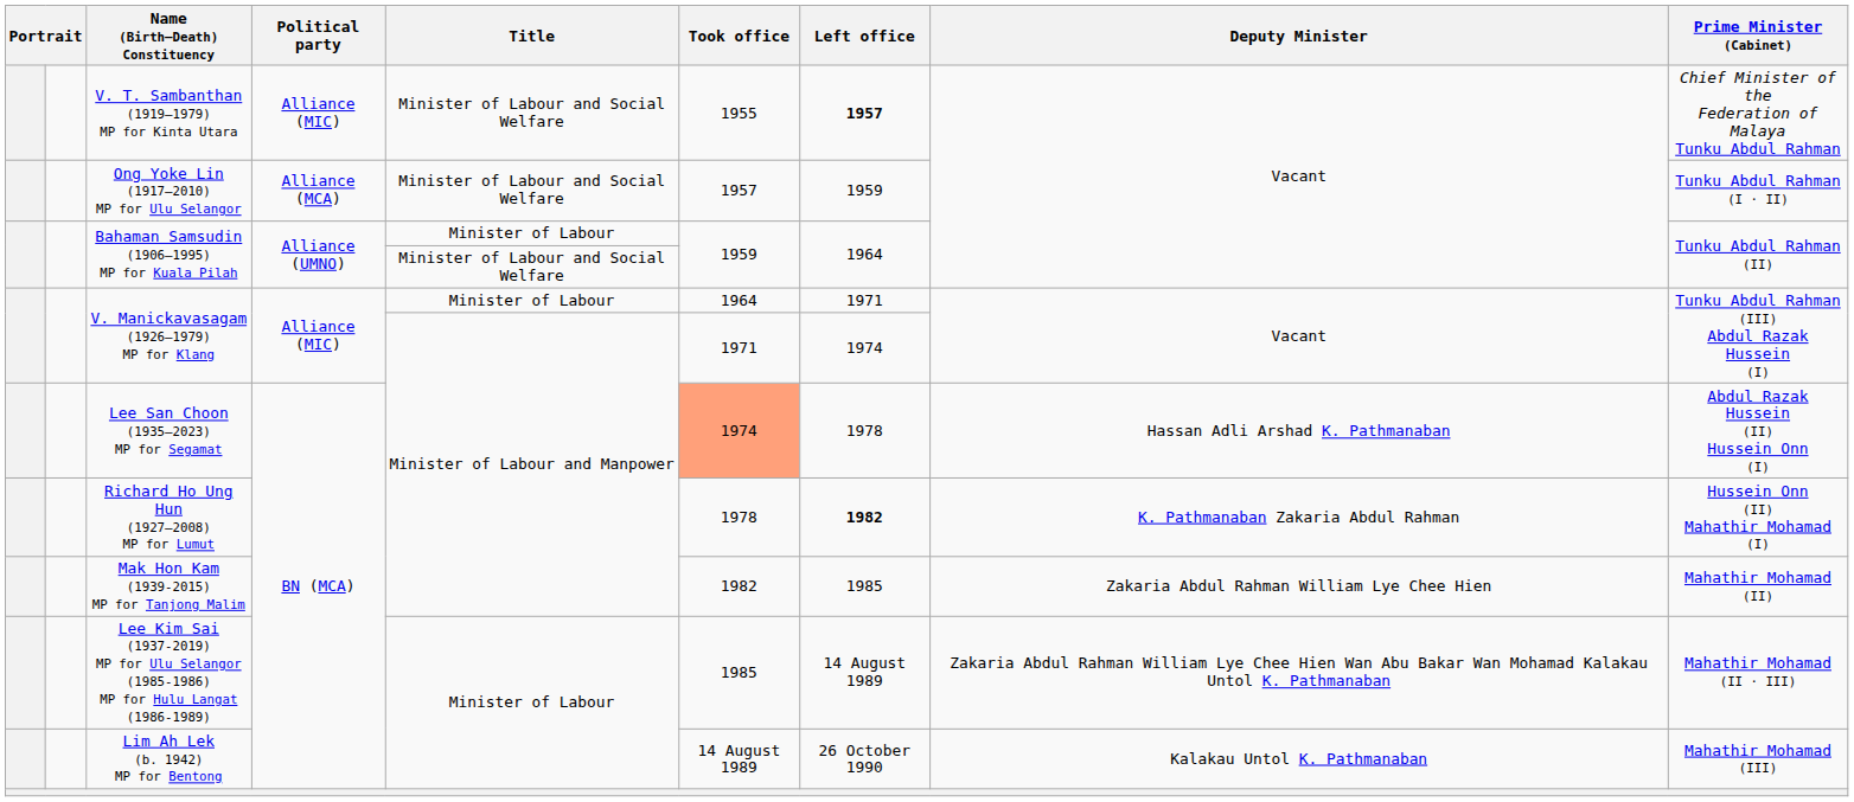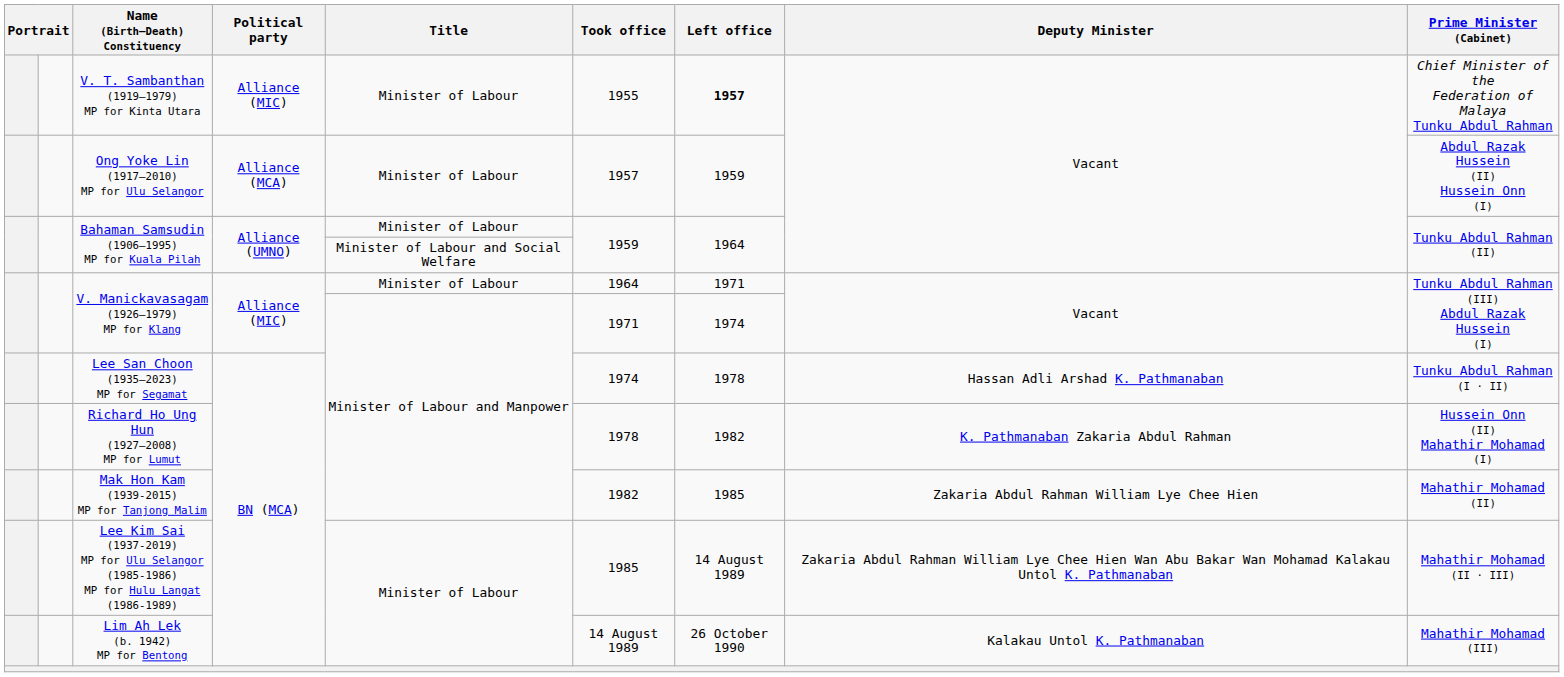 <table class="wikitable" style="text-align:center;">
 <tr>
 <th colspan=2>Portrait</th>
 <th>Name<br><small>(Birth–Death)<br>Constituency</small></th>
 <th>Political party</th>
 <th>Title</th>
 <th>Took office</th>
 <th>Left office</th>
 <th>Deputy Minister</th>
 <th><a href='#'>Prime Minister</a><br><small>(Cabinet)</small></th>
 </tr>
 <tr>
 <th style="background:"></th>
 <td></td>
 <td><a href='#'>V. T. Sambanthan</a><br><small>(1919–1979)<br>MP for Kinta Utara</small></td>
 <td><a href='#'>Alliance</a> (<a href='#'>MIC</a>)</td>
-<td>Minister of Labour and Social Welfare</td>
+<td>Minister of Labour</td>
 <td>1955</td>
 <td><strong>1957</strong></td>
 <td rowspan="4">Vacant</td>
 <td><em>Chief Minister of the <br>Federation of Malaya</em><br><a href='#'>Tunku Abdul Rahman</a></td>
 </tr>
 <tr>
 <th style="background:"></th>
 <td></td>
 <td><a href='#'>Ong Yoke Lin</a><br><small>(1917–2010)<br>MP for <a href='#'>Ulu Selangor</a></small></td>
 <td><a href='#'>Alliance</a> (<a href='#'>MCA</a>)</td>
-<td>Minister of Labour and Social Welfare</td>
+<td>Minister of Labour</td>
 <td>1957</td>
 <td>1959</td>
-<td><a href='#'>Tunku Abdul Rahman</a><br><small>(I · II)</small></td>
+<td><a href='#'>Abdul Razak Hussein</a><br><small>(II)</small><br><a href='#'>Hussein Onn</a><br><small>(I)</small></td>
 </tr>
 <tr>
 <th rowspan=2 style="background:"></th>
 <td rowspan=2></td>
 <td rowspan=2><a href='#'>Bahaman Samsudin</a><br><small>(1906–1995)<br>MP for <a href='#'>Kuala Pilah</a></small></td>
 <td rowspan=2><a href='#'>Alliance</a> (<a href='#'>UMNO</a>)</td>
 <td>Minister of Labour</td>
 <td rowspan=2>1959</td>
 <td rowspan=2>1964</td>
 <td rowspan=2><a href='#'>Tunku Abdul Rahman</a><br><small>(II)</small></td>
 </tr>
 <tr>
 <td>Minister of Labour and Social Welfare</td>
 </tr>
 <tr>
 <th rowspan=2 style="background:"></th>
 <td rowspan=2></td>
 <td rowspan=2><a href='#'>V. Manickavasagam</a><br><small>(1926–1979)<br>MP for <a href='#'>Klang</a></small></td>
 <td rowspan=2><a href='#'>Alliance</a> (<a href='#'>MIC</a>)</td>
 <td>Minister of Labour</td>
 <td>1964</td>
 <td>1971</td>
 <td rowspan="2">Vacant</td>
 <td rowspan="2"><a href='#'>Tunku Abdul Rahman</a><br><small>(III)</small><br><a href='#'>Abdul Razak Hussein</a><br><small>(I)</small></td>
 </tr>
 <tr>
 <td rowspan=4>Minister of Labour and Manpower</td>
 <td>1971</td>
 <td>1974</td>
 </tr>
 <tr>
 <th style="background:"></th>
 <td></td>
 <td><a href='#'>Lee San Choon</a><br><small>(1935–2023)<br>MP for <a href='#'>Segamat</a></small></td>
 <td rowspan="5"><a href='#'>BN</a> (<a href='#'>MCA</a>)</td>
-<td style="background: lightsalmon;">1974</td>
+<td>1974</td>
 <td>1978</td>
 <td>Hassan Adli Arshad   <a href='#'>K. Pathmanaban</a> </td>
-<td><a href='#'>Abdul Razak Hussein</a><br><small>(II)</small><br><a href='#'>Hussein Onn</a><br><small>(I)</small></td>
+<td><a href='#'>Tunku Abdul Rahman</a><br><small>(I · II)</small></td>
 </tr>
 <tr>
 <th style="background:"></th>
 <td></td>
 <td><a href='#'>Richard Ho Ung Hun</a><br><small>(1927–2008)<br>MP for <a href='#'>Lumut</a></small></td>
 <td>1978</td>
-<td><strong>1982</strong></td>
+<td>1982</td>
 <td><a href='#'>K. Pathmanaban</a>  Zakaria Abdul Rahman </td>
 <td><a href='#'>Hussein Onn</a><br><small>(II)</small><br><a href='#'>Mahathir Mohamad</a><br><small>(I)</small></td>
 </tr>
 <tr>
 <th style="background:"></th>
 <td></td>
 <td><a href='#'>Mak Hon Kam</a><br><small>(1939-2015)<br>MP for <a href='#'>Tanjong Malim</a></small></td>
 <td>1982</td>
 <td>1985</td>
 <td>Zakaria Abdul Rahman William Lye Chee Hien </td>
 <td><a href='#'>Mahathir Mohamad</a><br><small>(II)</small></td>
 </tr>
 <tr>
 <th style="background:"></th>
 <td></td>
 <td><a href='#'>Lee Kim Sai</a><br><small>(1937-2019)<br>MP for <a href='#'>Ulu Selangor</a><br>(1985-1986)<br>MP for <a href='#'>Hulu Langat</a><br>(1986-1989)</small></td>
 <td rowspan=2>Minister of Labour</td>
 <td>1985</td>
 <td>14 August 1989</td>
 <td>Zakaria Abdul Rahman William Lye Chee Hien   Wan Abu Bakar Wan Mohamad  Kalakau Untol  <a href='#'>K. Pathmanaban</a> </td>
 <td><a href='#'>Mahathir Mohamad</a><br><small>(II · III)</small></td>
 </tr>
 <tr>
 <th style="background:"></th>
 <td></td>
 <td><a href='#'>Lim Ah Lek</a><br><small>(b. 1942)<br>MP for <a href='#'>Bentong</a></small></td>
 <td>14 August 1989</td>
 <td>26 October 1990</td>
 <td>Kalakau Untol  <a href='#'>K. Pathmanaban</a> </td>
 <td><a href='#'>Mahathir Mohamad</a><br><small>(III)</small></td>
 </tr>
 <tr>
 <th colspan="9" bgcolor="cccccc"></th>
 </tr>
 </table>
